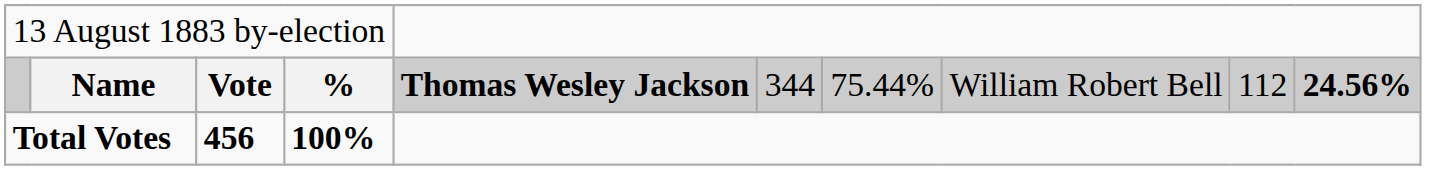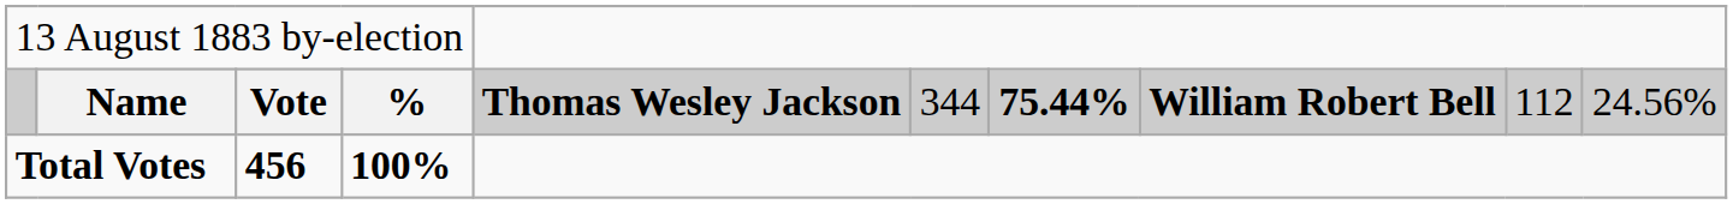 <table class="wikitable">
 <tr>
 <td colspan=4 align=center>13 August 1883 by-election</td>
 </tr>
 <tr bgcolor="CCCCCC">
 <td></td>
 <th><strong>Name </strong></th>
 <th><strong>Vote</strong></th>
 <th><strong>%</strong><br></th>
 <td><strong>Thomas Wesley Jackson</strong></td>
 <td>344</td>
-<td>75.44%<br></td>
-<td>William Robert Bell</td>
+<td><strong>75.44%<br></strong></td>
+<td><strong>William Robert Bell</strong></td>
 <td>112</td>
-<td><strong>24.56%</strong></td>
+<td>24.56%</td>
 </tr>
 <tr>
 <td colspan=2><strong>Total Votes</strong></td>
 <td><strong>456</strong></td>
 <td><strong>100%</strong></td>
 </tr>
 </table>
